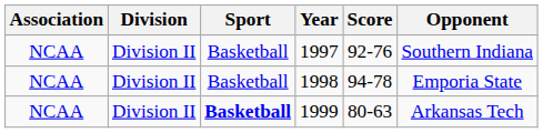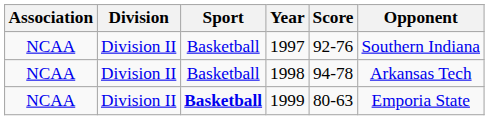 <table class="wikitable" style="text-align:center">
 <tr>
 <th>Association</th>
 <th>Division</th>
 <th>Sport</th>
 <th>Year</th>
 <th>Score</th>
 <th>Opponent</th>
 </tr>
 <tr align="center">
 <td rowspan="1"><a href='#'>NCAA</a></td>
 <td rowspan="1"><a href='#'>Division II</a></td>
 <td rowspan="1"><a href='#'>Basketball</a></td>
 <td>1997</td>
 <td>92-76</td>
 <td><a href='#'>Southern Indiana</a></td>
 </tr>
 <tr align="center">
 <td rowspan="1"><a href='#'>NCAA</a></td>
 <td rowspan="1"><a href='#'>Division II</a></td>
 <td rowspan="1"><a href='#'>Basketball</a></td>
 <td>1998</td>
 <td>94-78</td>
-<td><a href='#'>Emporia State</a></td>
+<td><a href='#'>Arkansas Tech</a></td>
 </tr>
 <tr align="center">
 <td rowspan="1"><a href='#'>NCAA</a></td>
 <td rowspan="1"><a href='#'>Division II</a></td>
 <td rowspan="1"><strong><a href='#'>Basketball</a></strong></td>
 <td>1999</td>
 <td>80-63</td>
-<td><a href='#'>Arkansas Tech</a></td>
+<td><a href='#'>Emporia State</a></td>
 </tr>
 </table>
